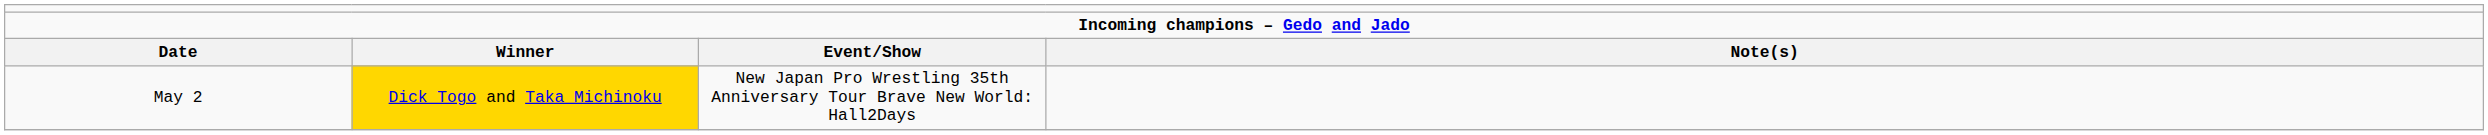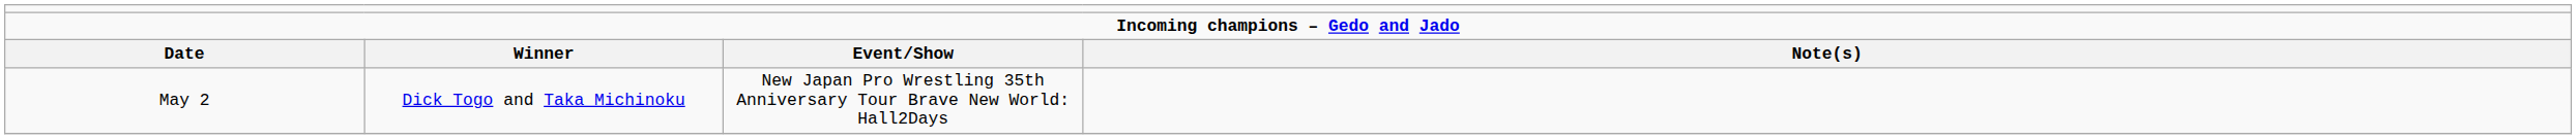 <table class="wikitable" style="text-align:center; width:100%;">
 <tr>
 <td colspan="5"></td>
 </tr>
 <tr>
 <td colspan="5"><strong>Incoming champions – <a href='#'>Gedo</a> <a href='#'>and</a> <a href='#'>Jado</a></strong></td>
 </tr>
 <tr>
 <th width=14%>Date</th>
 <th width=14%>Winner</th>
 <th width=14%>Event/Show</th>
 <th width=58%>Note(s)</th>
 </tr>
 <tr>
 <td>May 2</td>
-<td style="background: gold;"><a href='#'>Dick Togo</a> and <a href='#'>Taka Michinoku</a></td>
+<td><a href='#'>Dick Togo</a> and <a href='#'>Taka Michinoku</a></td>
 <td>New Japan Pro Wrestling 35th Anniversary Tour Brave New World: Hall2Days</td>
 <td align="left"></td>
 </tr>
 <tr>
 </tr>
 </table>
